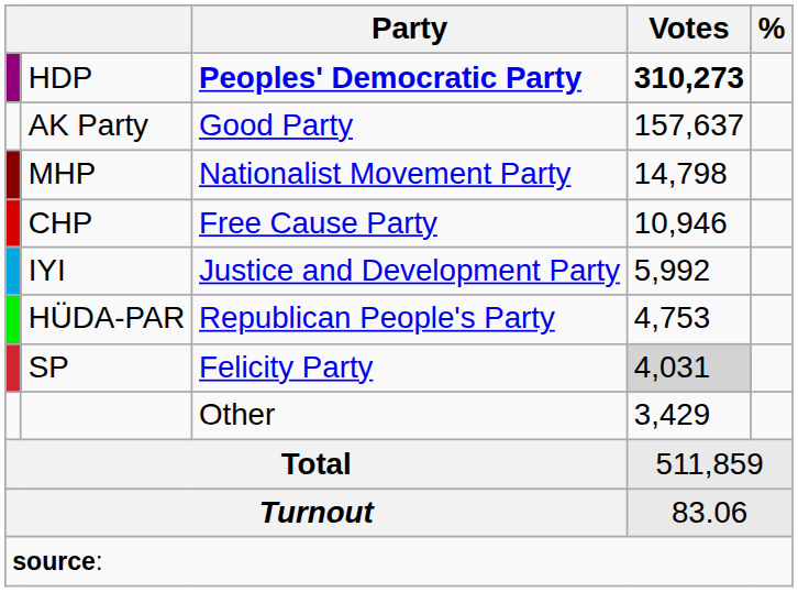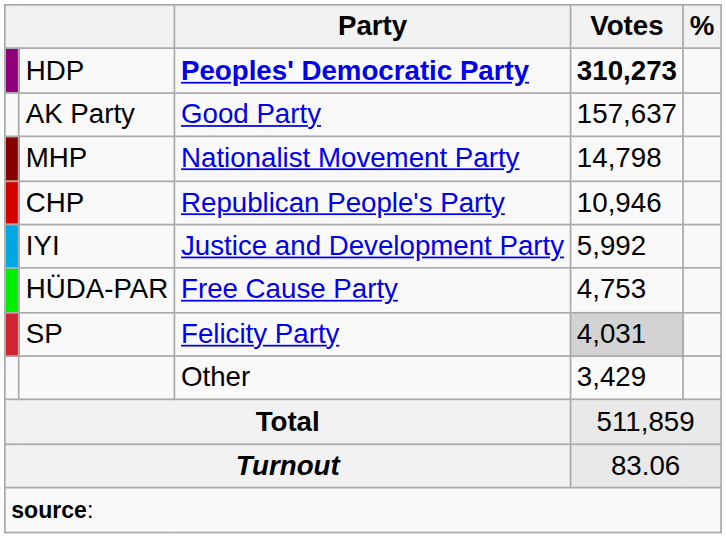 <table class="wikitable">
 <tr>
 <th colspan="2" align="center"></th>
 <th align="center">Party</th>
 <th align="center">Votes</th>
 <th align="center">%</th>
 </tr>
 <tr align="left">
 <td bgcolor="#91007B" width="1"></td>
 <td>HDP</td>
 <td><strong><a href='#'>Peoples' Democratic Party</a></strong></td>
 <td><strong>310,273</strong></td>
 <td><strong></strong></td>
 </tr>
 <tr align="left">
 <td></td>
 <td>AK Party</td>
 <td><a href='#'>Good Party</a></td>
 <td>157,637</td>
 <td></td>
 </tr>
 <tr align="left">
 <td bgcolor="#870000" width="1"></td>
 <td>MHP</td>
 <td><a href='#'>Nationalist Movement Party</a></td>
 <td>14,798</td>
 <td></td>
 </tr>
 <tr align="left">
 <td bgcolor="#d50000" width="1"></td>
 <td>CHP</td>
-<td><a href='#'>Free Cause Party</a></td>
+<td><a href='#'>Republican People's Party</a></td>
 <td>10,946</td>
 <td></td>
 </tr>
 <tr align="left">
 <td bgcolor="#01A7E1" width="1"></td>
 <td>IYI</td>
 <td><a href='#'>Justice and Development Party</a></td>
 <td>5,992</td>
 <td></td>
 </tr>
 <tr align="left">
 <td bgcolor="#Green" width="1"></td>
 <td>HÜDA-PAR</td>
-<td><a href='#'>Republican People's Party</a></td>
+<td><a href='#'>Free Cause Party</a></td>
 <td>4,753</td>
 <td></td>
 </tr>
 <tr align="left">
 <td bgcolor="#D02433" width="1"></td>
 <td>SP</td>
 <td><a href='#'>Felicity Party</a></td>
 <td style="background: lightgrey;">4,031</td>
 <td></td>
 </tr>
 <tr align="left">
 <td bgcolor="" width="1"></td>
 <td></td>
 <td>Other</td>
 <td>3,429</td>
 <td></td>
 </tr>
 <tr align="left" style="background-color:#E9E9E9">
 <th colspan="3" align="center"><strong>Total</strong></th>
 <td colspan="2" align="center">511,859</td>
 </tr>
 <tr align="left" style="background-color:#E9E9E9">
 <th colspan="3" align="center"><em>Turnout</em></th>
 <td colspan="2" align="center">83.06</td>
 </tr>
 <tr>
 <td colspan="5" align="left"><small><strong>source</strong>: </small></td>
 </tr>
 </table>
